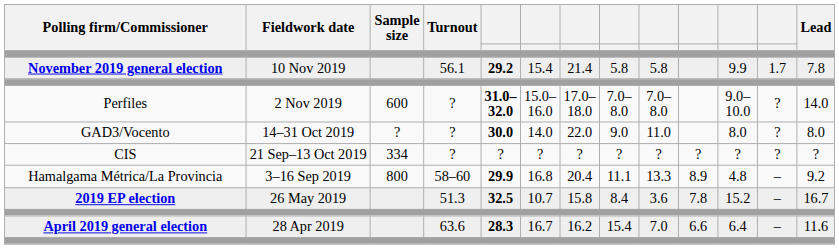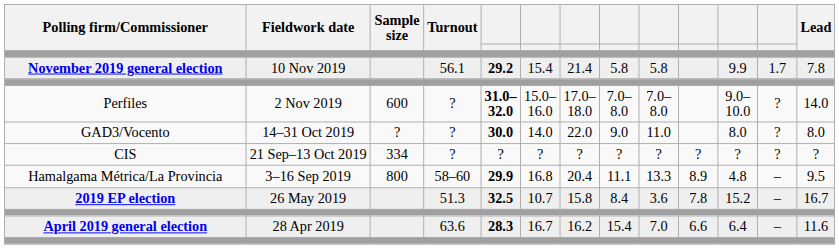 <table class="wikitable collapsible collapsed" style="text-align:center; font-size:95%; line-height:16px;">
 <tr style="height:42px;">
 <th style="width:250px;" rowspan="2">Polling firm/Commissioner</th>
 <th style="width:125px;" rowspan="2">Fieldwork date</th>
 <th style="width:50px;" rowspan="2">Sample size</th>
 <th style="width:45px;" rowspan="2">Turnout</th>
 <th style="width:35px;"></th>
 <th style="width:35px;"></th>
 <th style="width:35px;"></th>
 <th style="width:35px;"></th>
 <th style="width:35px;"></th>
 <th style="width:35px;"></th>
 <th style="width:35px;"></th>
 <th style="width:35px;"></th>
 <th style="width:30px;" rowspan="2">Lead</th>
 </tr>
 <tr>
 <th style="color:inherit;background:"></th>
 <th style="color:inherit;background:"></th>
 <th style="color:inherit;background:"></th>
 <th style="color:inherit;background:"></th>
 <th style="color:inherit;background:"></th>
 <th style="color:inherit;background:"></th>
 <th style="color:inherit;background:"></th>
 <th style="color:inherit;background:"></th>
 </tr>
 <tr>
 <td colspan="13" style="background:#A0A0A0"></td>
 </tr>
 <tr style="background:#EFEFEF;">
 <td><strong><a href='#'>November 2019 general election</a></strong></td>
 <td>10 Nov 2019</td>
 <td></td>
 <td>56.1</td>
 <td><strong>29.2</strong><br></td>
 <td>15.4<br></td>
 <td>21.4<br></td>
 <td>5.8<br></td>
 <td>5.8</td>
 <td></td>
 <td>9.9<br></td>
 <td>1.7<br></td>
 <td style="background:">7.8</td>
 </tr>
 <tr>
 <td colspan="13" style="background:#A0A0A0"></td>
 </tr>
 <tr>
 <td>Perfiles</td>
 <td>2 Nov 2019</td>
 <td>600</td>
 <td>?</td>
 <td><strong>31.0–<br>32.0</strong><br></td>
 <td>15.0–<br>16.0<br></td>
 <td>17.0–<br>18.0<br></td>
 <td>7.0–<br>8.0<br></td>
 <td>7.0–<br>8.0<br></td>
 <td></td>
 <td>9.0–<br>10.0<br></td>
 <td>?<br></td>
 <td style="background:">14.0</td>
 </tr>
 <tr>
 <td>GAD3/Vocento</td>
 <td>14–31 Oct 2019</td>
 <td>?</td>
 <td>?</td>
 <td><strong>30.0</strong><br></td>
 <td>14.0<br></td>
 <td>22.0<br></td>
 <td>9.0<br></td>
 <td>11.0<br></td>
 <td></td>
 <td>8.0<br></td>
 <td>?<br></td>
 <td style="background:">8.0</td>
 </tr>
 <tr>
 <td>CIS</td>
 <td>21 Sep–13 Oct 2019</td>
 <td>334</td>
 <td>?</td>
 <td>?<br></td>
 <td>?<br></td>
 <td>?<br></td>
 <td>?<br></td>
 <td>?<br></td>
 <td>?<br></td>
 <td>?<br></td>
 <td>?<br></td>
 <td style="background:">?</td>
 </tr>
 <tr>
 <td>Hamalgama Métrica/La Provincia</td>
 <td>3–16 Sep 2019</td>
 <td>800</td>
 <td>58–60</td>
 <td><strong>29.9</strong></td>
 <td>16.8</td>
 <td>20.4</td>
 <td>11.1</td>
 <td>13.3<br></td>
 <td>8.9</td>
 <td>4.8</td>
 <td>–</td>
-<td style="background:">9.2</td>
+<td style="background:">9.5</td>
 </tr>
 <tr style="background:#EFEFEF;">
 <td><strong><a href='#'>2019 EP election</a></strong></td>
 <td>26 May 2019</td>
 <td></td>
 <td>51.3</td>
 <td><strong>32.5</strong><br></td>
 <td>10.7<br></td>
 <td>15.8<br></td>
 <td>8.4<br></td>
 <td>3.6<br></td>
 <td>7.8<br></td>
 <td>15.2<br></td>
 <td>–</td>
 <td style="background:">16.7</td>
 </tr>
 <tr>
 <td colspan="13" style="background:#A0A0A0"></td>
 </tr>
 <tr style="background:#EFEFEF;">
 <td><strong><a href='#'>April 2019 general election</a></strong></td>
 <td>28 Apr 2019</td>
 <td></td>
 <td>63.6</td>
 <td><strong>28.3</strong><br></td>
 <td>16.7<br></td>
 <td>16.2<br></td>
 <td>15.4<br></td>
 <td>7.0<br></td>
 <td>6.6<br></td>
 <td>6.4<br></td>
 <td>–</td>
 <td style="background:">11.6</td>
 </tr>
 <tr>
 <td colspan="13" style="background:#A0A0A0"></td>
 </tr>
 </table>
